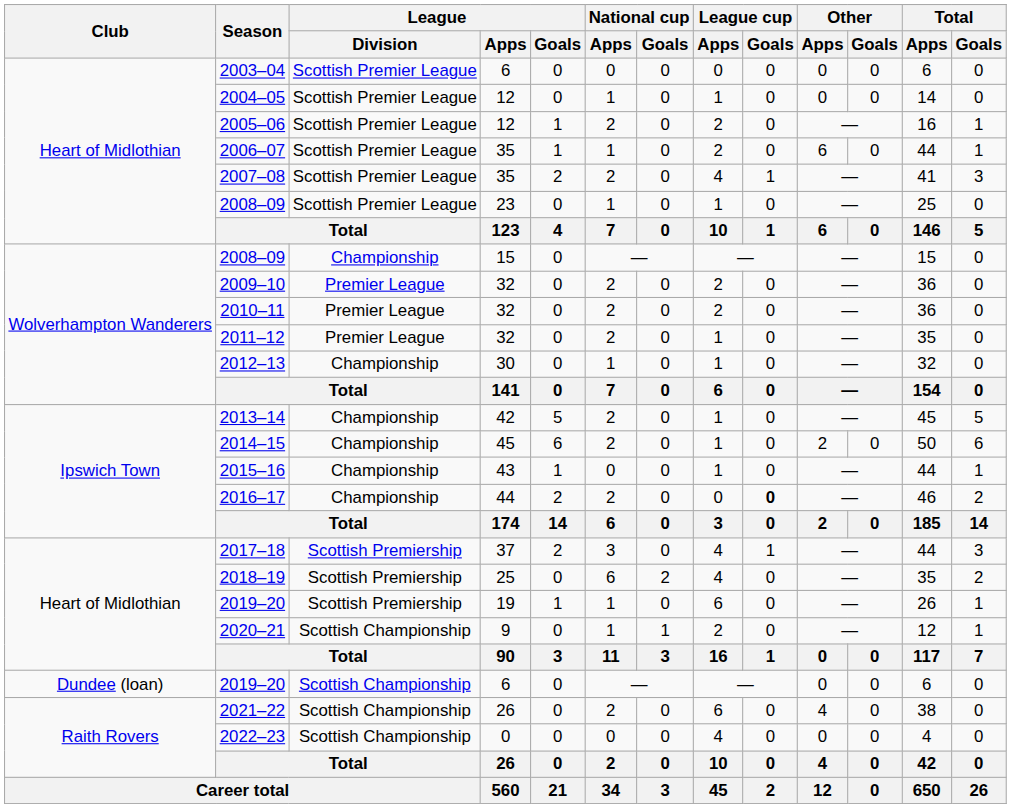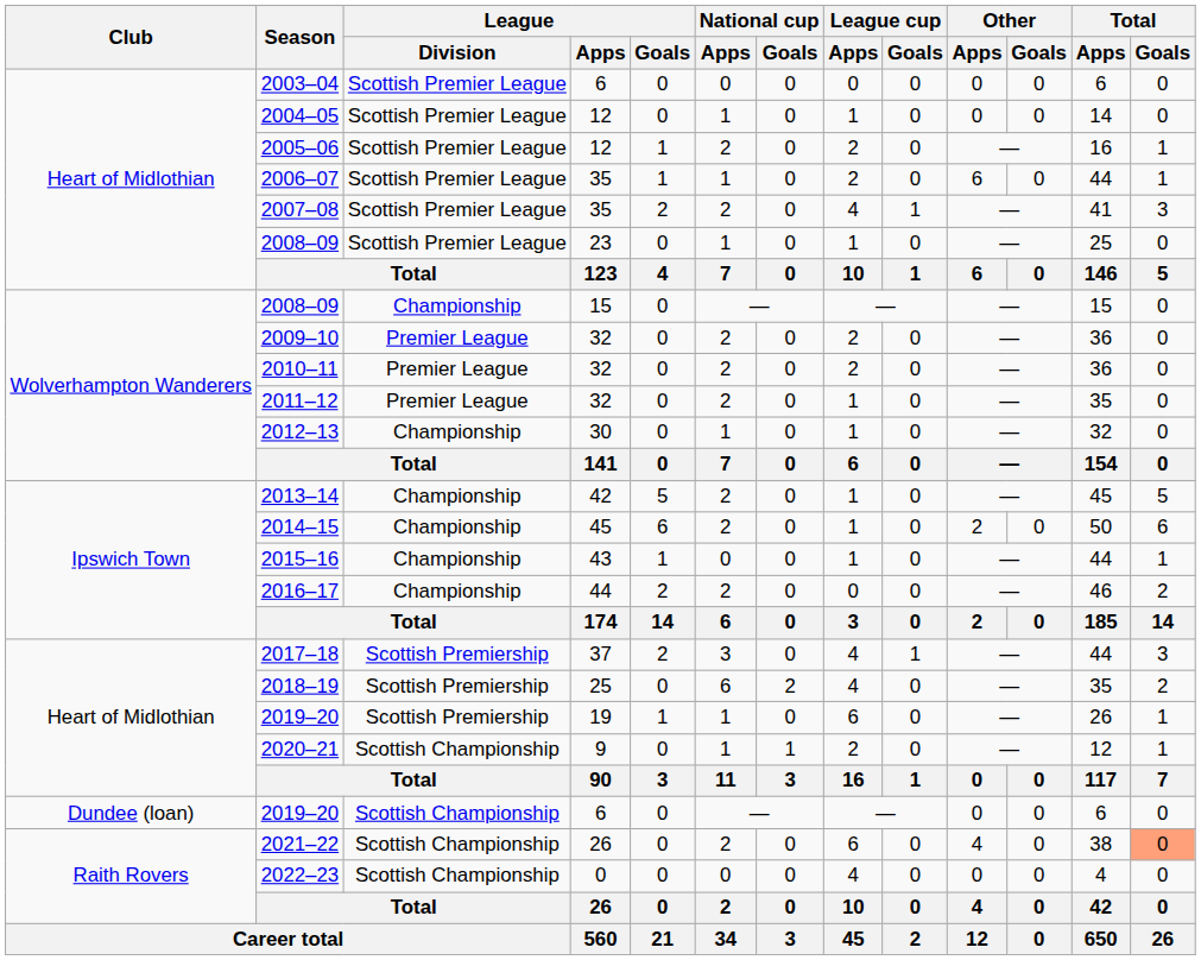 <table class=wikitable style="text-align:center">
 <tr>
 <th rowspan="2">Club</th>
 <th rowspan="2">Season</th>
 <th colspan="3">League</th>
 <th colspan="2">National cup</th>
 <th colspan="2">League cup</th>
 <th colspan="2">Other</th>
 <th colspan="2">Total</th>
 </tr>
 <tr>
 <th>Division</th>
 <th>Apps</th>
 <th>Goals</th>
 <th>Apps</th>
 <th>Goals</th>
 <th>Apps</th>
 <th>Goals</th>
 <th>Apps</th>
 <th>Goals</th>
 <th>Apps</th>
 <th>Goals</th>
 </tr>
 <tr>
 <td rowspan=7><a href='#'>Heart of Midlothian</a></td>
 <td><a href='#'>2003–04</a></td>
 <td><a href='#'>Scottish Premier League</a></td>
 <td>6</td>
 <td>0</td>
 <td>0</td>
 <td>0</td>
 <td>0</td>
 <td>0</td>
 <td>0</td>
 <td>0</td>
 <td>6</td>
 <td>0</td>
 </tr>
 <tr>
 <td><a href='#'>2004–05</a></td>
 <td>Scottish Premier League</td>
 <td>12</td>
 <td>0</td>
 <td>1</td>
 <td>0</td>
 <td>1</td>
 <td>0</td>
 <td>0</td>
 <td>0</td>
 <td>14</td>
 <td>0</td>
 </tr>
 <tr>
 <td><a href='#'>2005–06</a></td>
 <td>Scottish Premier League</td>
 <td>12</td>
 <td>1</td>
 <td>2</td>
 <td>0</td>
 <td>2</td>
 <td>0</td>
 <td colspan="2">—</td>
 <td>16</td>
 <td>1</td>
 </tr>
 <tr>
 <td><a href='#'>2006–07</a></td>
 <td>Scottish Premier League</td>
 <td>35</td>
 <td>1</td>
 <td>1</td>
 <td>0</td>
 <td>2</td>
 <td>0</td>
 <td>6</td>
 <td>0</td>
 <td>44</td>
 <td>1</td>
 </tr>
 <tr>
 <td><a href='#'>2007–08</a></td>
 <td>Scottish Premier League</td>
 <td>35</td>
 <td>2</td>
 <td>2</td>
 <td>0</td>
 <td>4</td>
 <td>1</td>
 <td colspan="2">—</td>
 <td>41</td>
 <td>3</td>
 </tr>
 <tr>
 <td><a href='#'>2008–09</a></td>
 <td>Scottish Premier League</td>
 <td>23</td>
 <td>0</td>
 <td>1</td>
 <td>0</td>
 <td>1</td>
 <td>0</td>
 <td colspan="2">—</td>
 <td>25</td>
 <td>0</td>
 </tr>
 <tr>
 <th colspan="2">Total</th>
 <th>123</th>
 <th>4</th>
 <th>7</th>
 <th>0</th>
 <th>10</th>
 <th>1</th>
 <th>6</th>
 <th>0</th>
 <th>146</th>
 <th>5</th>
 </tr>
 <tr>
 <td rowspan="6"><a href='#'>Wolverhampton Wanderers</a></td>
 <td><a href='#'>2008–09</a></td>
 <td><a href='#'>Championship</a></td>
 <td>15</td>
 <td>0</td>
 <td colspan="2">—</td>
 <td colspan="2">—</td>
 <td colspan="2">—</td>
 <td>15</td>
 <td>0</td>
 </tr>
 <tr>
 <td><a href='#'>2009–10</a></td>
 <td><a href='#'>Premier League</a></td>
 <td>32</td>
 <td>0</td>
 <td>2</td>
 <td>0</td>
 <td>2</td>
 <td>0</td>
 <td colspan="2">—</td>
 <td>36</td>
 <td>0</td>
 </tr>
 <tr>
 <td><a href='#'>2010–11</a></td>
 <td>Premier League</td>
 <td>32</td>
 <td>0</td>
 <td>2</td>
 <td>0</td>
 <td>2</td>
 <td>0</td>
 <td colspan="2">—</td>
 <td>36</td>
 <td>0</td>
 </tr>
 <tr>
 <td><a href='#'>2011–12</a></td>
 <td>Premier League</td>
 <td>32</td>
 <td>0</td>
 <td>2</td>
 <td>0</td>
 <td>1</td>
 <td>0</td>
 <td colspan="2">—</td>
 <td>35</td>
 <td>0</td>
 </tr>
 <tr>
 <td><a href='#'>2012–13</a></td>
 <td>Championship</td>
 <td>30</td>
 <td>0</td>
 <td>1</td>
 <td>0</td>
 <td>1</td>
 <td>0</td>
 <td colspan="2">—</td>
 <td>32</td>
 <td>0</td>
 </tr>
 <tr>
 <th colspan="2">Total</th>
 <th>141</th>
 <th>0</th>
 <th>7</th>
 <th>0</th>
 <th>6</th>
 <th>0</th>
 <th colspan="2">—</th>
 <th>154</th>
 <th>0</th>
 </tr>
 <tr>
 <td rowspan="5"><a href='#'>Ipswich Town</a></td>
 <td><a href='#'>2013–14</a></td>
 <td>Championship</td>
 <td>42</td>
 <td>5</td>
 <td>2</td>
 <td>0</td>
 <td>1</td>
 <td>0</td>
 <td colspan="2">—</td>
 <td>45</td>
 <td>5</td>
 </tr>
 <tr>
 <td><a href='#'>2014–15</a></td>
 <td>Championship</td>
 <td>45</td>
 <td>6</td>
 <td>2</td>
 <td>0</td>
 <td>1</td>
 <td>0</td>
 <td>2</td>
 <td>0</td>
 <td>50</td>
 <td>6</td>
 </tr>
 <tr>
 <td><a href='#'>2015–16</a></td>
 <td>Championship</td>
 <td>43</td>
 <td>1</td>
 <td>0</td>
 <td>0</td>
 <td>1</td>
 <td>0</td>
 <td colspan="2">—</td>
 <td>44</td>
 <td>1</td>
 </tr>
 <tr>
 <td><a href='#'>2016–17</a></td>
 <td>Championship</td>
 <td>44</td>
 <td>2</td>
 <td>2</td>
 <td>0</td>
 <td>0</td>
-<td><strong>0</strong></td>
+<td>0</td>
 <td colspan="2">—</td>
 <td>46</td>
 <td>2</td>
 </tr>
 <tr>
 <th colspan="2">Total</th>
 <th>174</th>
 <th>14</th>
 <th>6</th>
 <th>0</th>
 <th>3</th>
 <th>0</th>
 <th>2</th>
 <th>0</th>
 <th>185</th>
 <th>14</th>
 </tr>
 <tr>
 <td rowspan="5">Heart of Midlothian</td>
 <td><a href='#'>2017–18</a></td>
 <td><a href='#'>Scottish Premiership</a></td>
 <td>37</td>
 <td>2</td>
 <td>3</td>
 <td>0</td>
 <td>4</td>
 <td>1</td>
 <td colspan="2">—</td>
 <td>44</td>
 <td>3</td>
 </tr>
 <tr>
 <td><a href='#'>2018–19</a></td>
 <td>Scottish Premiership</td>
 <td>25</td>
 <td>0</td>
 <td>6</td>
 <td>2</td>
 <td>4</td>
 <td>0</td>
 <td colspan="2">—</td>
 <td>35</td>
 <td>2</td>
 </tr>
 <tr>
 <td><a href='#'>2019–20</a></td>
 <td>Scottish Premiership</td>
 <td>19</td>
 <td>1</td>
 <td>1</td>
 <td>0</td>
 <td>6</td>
 <td>0</td>
 <td colspan="2">—</td>
 <td>26</td>
 <td>1</td>
 </tr>
 <tr>
 <td><a href='#'>2020–21</a></td>
 <td>Scottish Championship</td>
 <td>9</td>
 <td>0</td>
 <td>1</td>
 <td>1</td>
 <td>2</td>
 <td>0</td>
 <td colspan="2">—</td>
 <td>12</td>
 <td>1</td>
 </tr>
 <tr>
 <th colspan="2">Total</th>
 <th>90</th>
 <th>3</th>
 <th>11</th>
 <th>3</th>
 <th>16</th>
 <th>1</th>
 <th>0</th>
 <th>0</th>
 <th>117</th>
 <th>7</th>
 </tr>
 <tr>
 <td><a href='#'>Dundee</a> (loan)</td>
 <td><a href='#'>2019–20</a></td>
 <td><a href='#'>Scottish Championship</a></td>
 <td>6</td>
 <td>0</td>
 <td colspan="2">—</td>
 <td colspan="2">—</td>
 <td>0</td>
 <td>0</td>
 <td>6</td>
 <td>0</td>
 </tr>
 <tr>
 <td rowspan="3"><a href='#'>Raith Rovers</a></td>
 <td><a href='#'>2021–22</a></td>
 <td>Scottish Championship</td>
 <td>26</td>
 <td>0</td>
 <td>2</td>
 <td>0</td>
 <td>6</td>
 <td>0</td>
 <td>4</td>
 <td>0</td>
 <td>38</td>
-<td>0</td>
+<td style="background: lightsalmon;">0</td>
 </tr>
 <tr>
 <td><a href='#'>2022–23</a></td>
 <td>Scottish Championship</td>
 <td>0</td>
 <td>0</td>
 <td>0</td>
 <td>0</td>
 <td>4</td>
 <td>0</td>
 <td>0</td>
 <td>0</td>
 <td>4</td>
 <td>0</td>
 </tr>
 <tr>
 <th colspan="2">Total</th>
 <th>26</th>
 <th>0</th>
 <th>2</th>
 <th>0</th>
 <th>10</th>
 <th>0</th>
 <th>4</th>
 <th>0</th>
 <th>42</th>
 <th>0</th>
 </tr>
 <tr>
 <th colspan="3">Career total</th>
 <th>560</th>
 <th>21</th>
 <th>34</th>
 <th>3</th>
 <th>45</th>
 <th>2</th>
 <th>12</th>
 <th>0</th>
 <th>650</th>
 <th>26</th>
 </tr>
 </table>
